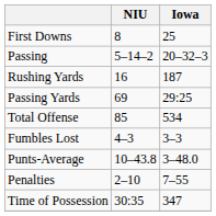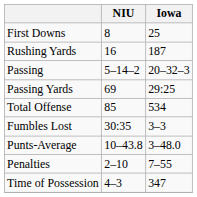 <table class="wikitable">
 <tr>
 <th></th>
 <th>NIU</th>
 <th>Iowa</th>
 </tr>
 <tr>
 <td>First Downs</td>
 <td>8</td>
 <td>25</td>
 </tr>
 <tr>
+<td>Rushing Yards</td>
+<td>16</td>
+<td>187</td>
+</tr>
+<tr>
 <td>Passing</td>
 <td>5–14–2</td>
 <td>20–32–3</td>
-</tr>
-<tr>
-<td>Rushing Yards</td>
-<td>16</td>
-<td>187</td>
 </tr>
 <tr>
 <td>Passing Yards</td>
 <td>69</td>
 <td>29:25</td>
 </tr>
 <tr>
 <td>Total Offense</td>
 <td>85</td>
 <td>534</td>
 </tr>
 <tr>
 <td>Fumbles Lost</td>
-<td>4–3</td>
+<td>30:35</td>
 <td>3–3</td>
 </tr>
 <tr>
 <td>Punts-Average</td>
 <td>10–43.8</td>
 <td>3–48.0</td>
 </tr>
 <tr>
 <td>Penalties</td>
 <td>2–10</td>
 <td>7–55</td>
 </tr>
 <tr>
 <td>Time of Possession</td>
-<td>30:35</td>
+<td>4–3</td>
 <td>347</td>
 </tr>
 <tr>
 </tr>
 </table>
